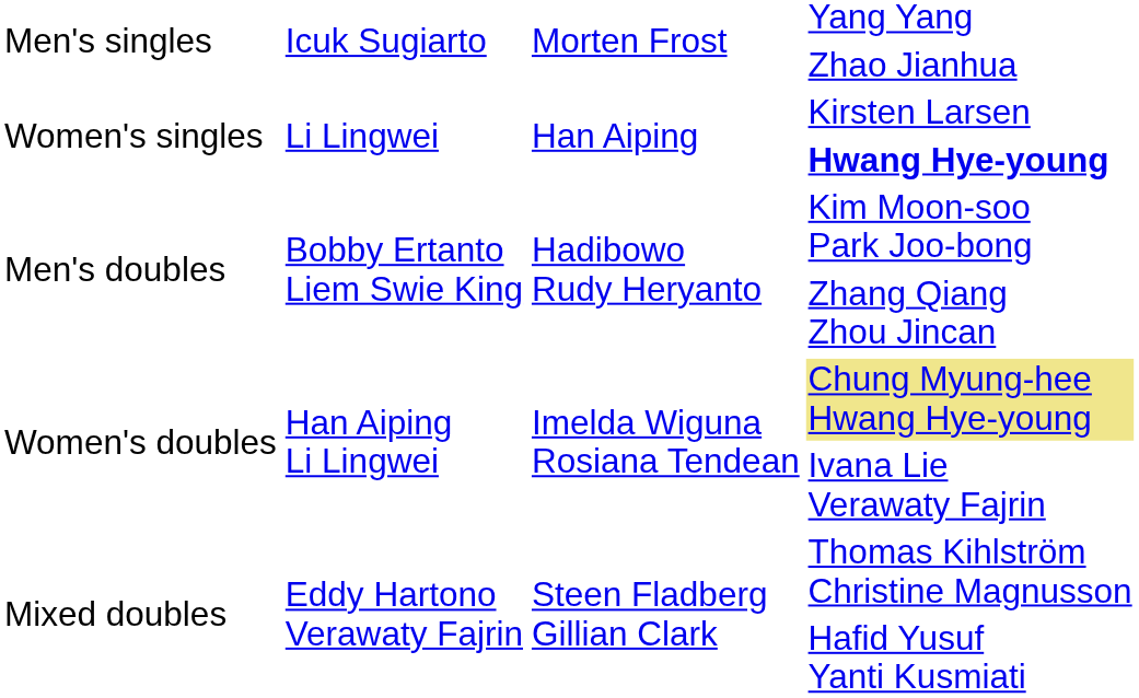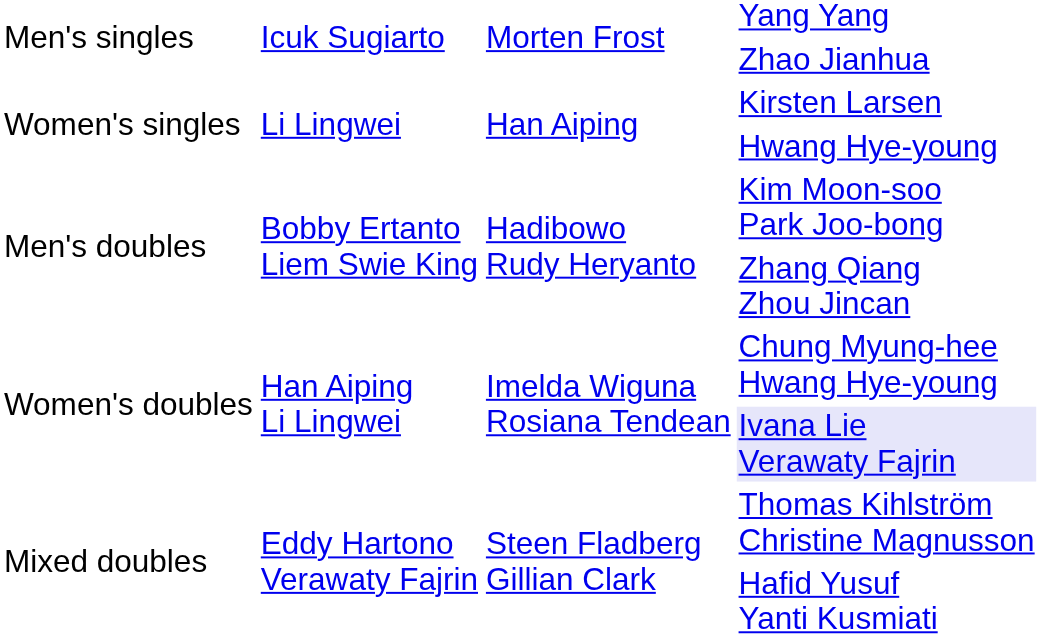 <table>
 <tr>
 <td rowspan=2>Men's singles</td>
 <td rowspan=2> <a href='#'>Icuk Sugiarto</a></td>
 <td rowspan=2> <a href='#'>Morten Frost</a></td>
 <td> <a href='#'>Yang Yang</a></td>
 </tr>
 <tr>
 <td> <a href='#'>Zhao Jianhua</a></td>
 </tr>
 <tr>
 <td rowspan=2>Women's singles</td>
 <td rowspan=2> <a href='#'>Li Lingwei</a></td>
 <td rowspan=2> <a href='#'>Han Aiping</a></td>
 <td> <a href='#'>Kirsten Larsen</a></td>
 </tr>
 <tr>
-<td><strong> <a href='#'>Hwang Hye-young</a></strong></td>
+<td> <a href='#'>Hwang Hye-young</a></td>
 </tr>
 <tr>
 <td rowspan=2>Men's doubles</td>
 <td rowspan=2> <a href='#'>Bobby Ertanto</a> <br>  <a href='#'>Liem Swie King</a></td>
 <td rowspan=2> <a href='#'>Hadibowo</a> <br>  <a href='#'>Rudy Heryanto</a></td>
 <td> <a href='#'>Kim Moon-soo</a> <br>  <a href='#'>Park Joo-bong</a></td>
 </tr>
 <tr>
 <td> <a href='#'>Zhang Qiang</a> <br>  <a href='#'>Zhou Jincan</a></td>
 </tr>
 <tr>
 <td rowspan=2>Women's doubles</td>
 <td rowspan=2> <a href='#'>Han Aiping</a> <br>  <a href='#'>Li Lingwei</a></td>
 <td rowspan=2> <a href='#'>Imelda Wiguna</a> <br>  <a href='#'>Rosiana Tendean</a></td>
-<td style="background: khaki;"> <a href='#'>Chung Myung-hee</a> <br>  <a href='#'>Hwang Hye-young</a></td>
+<td> <a href='#'>Chung Myung-hee</a> <br>  <a href='#'>Hwang Hye-young</a></td>
 </tr>
 <tr>
-<td> <a href='#'>Ivana Lie</a> <br>  <a href='#'>Verawaty Fajrin</a></td>
+<td style="background: lavender;"> <a href='#'>Ivana Lie</a> <br>  <a href='#'>Verawaty Fajrin</a></td>
 </tr>
 <tr>
 <td rowspan=2>Mixed doubles</td>
 <td rowspan=2> <a href='#'>Eddy Hartono</a><br>  <a href='#'>Verawaty Fajrin</a></td>
 <td rowspan=2> <a href='#'>Steen Fladberg</a> <br>  <a href='#'>Gillian Clark</a></td>
 <td> <a href='#'>Thomas Kihlström</a><br> <a href='#'>Christine Magnusson</a></td>
 </tr>
 <tr>
 <td> <a href='#'>Hafid Yusuf</a> <br>  <a href='#'>Yanti Kusmiati</a></td>
 </tr>
 </table>
